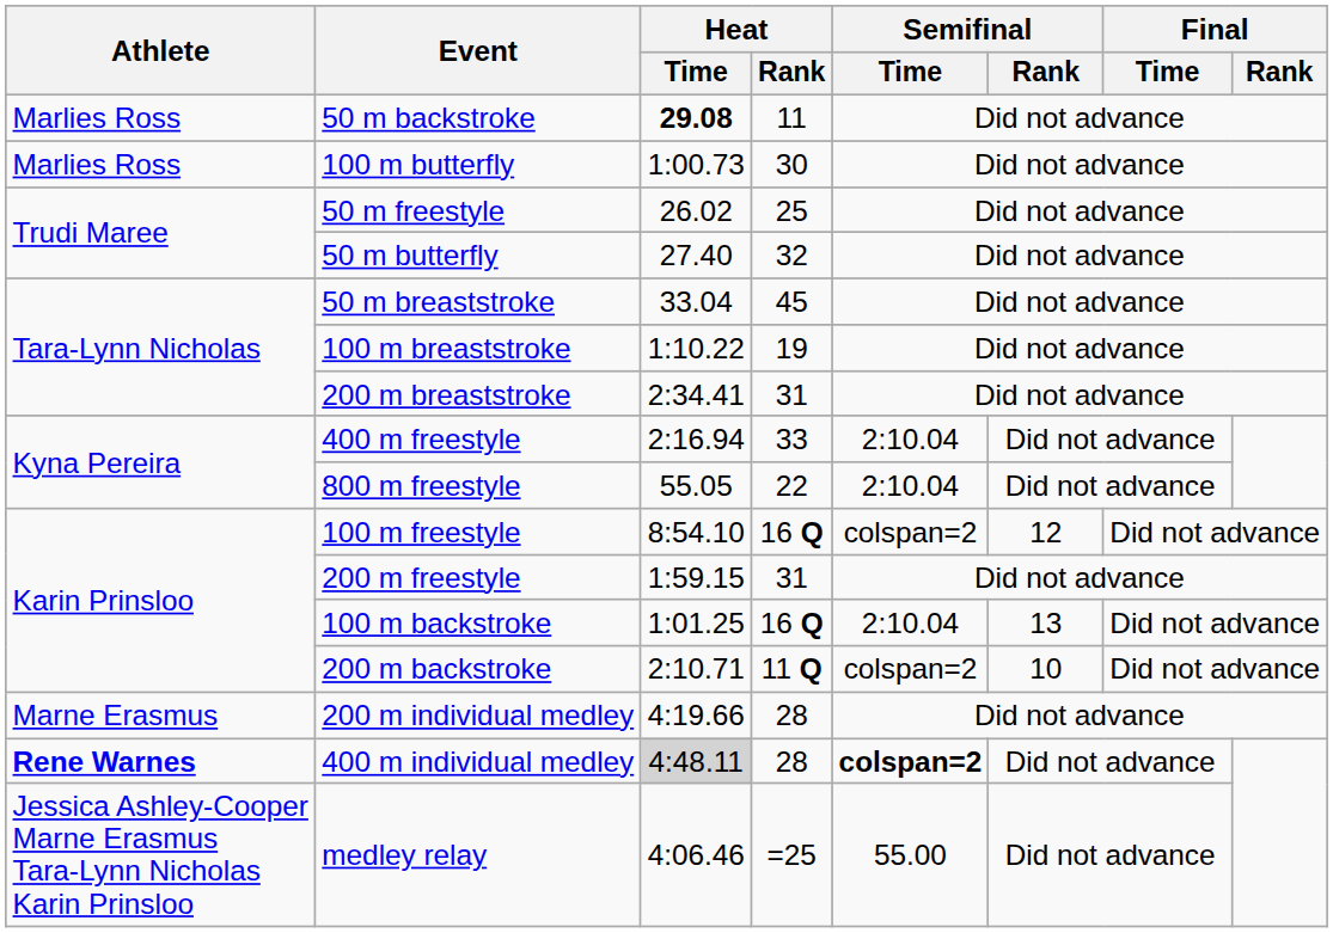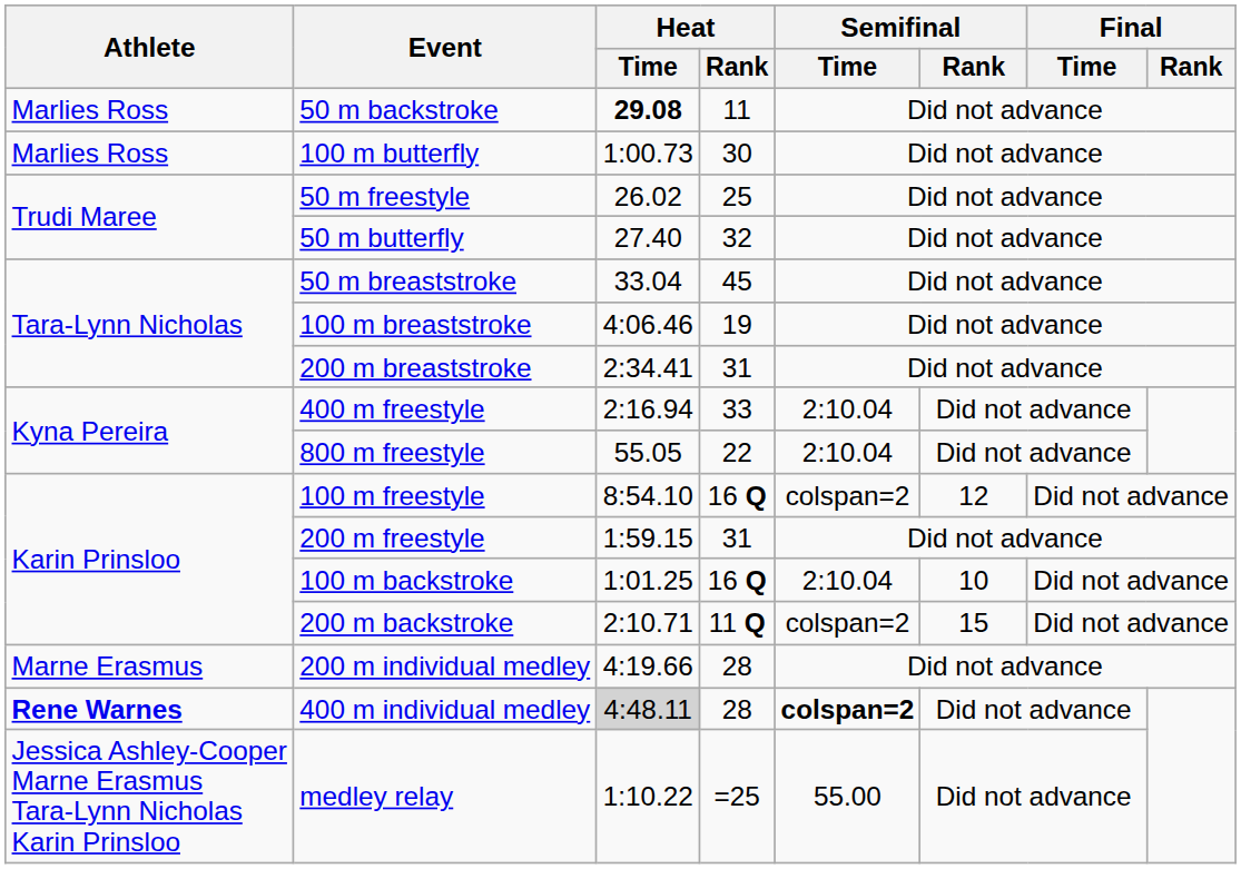 <table class=wikitable style="font-size:90%">
 <tr>
 <th rowspan="2">Athlete</th>
 <th rowspan="2">Event</th>
 <th colspan="2">Heat</th>
 <th colspan="2">Semifinal</th>
 <th colspan="2">Final</th>
 </tr>
 <tr style="font-size:95%">
 <th>Time</th>
 <th>Rank</th>
 <th>Time</th>
 <th>Rank</th>
 <th>Time</th>
 <th>Rank</th>
 </tr>
 <tr align=center>
 <td align=left><a href='#'>Marlies Ross</a></td>
 <td align=left><a href='#'>50 m backstroke</a></td>
 <td><strong>29.08</strong></td>
 <td>11</td>
 <td colspan=4>Did not advance</td>
 </tr>
 <tr align=center>
 <td align=left><a href='#'>Marlies Ross</a></td>
 <td align=left><a href='#'>100 m butterfly</a></td>
 <td>1:00.73</td>
 <td>30</td>
 <td colspan=4>Did not advance</td>
 </tr>
 <tr align=center>
 <td align=left rowspan=2><a href='#'>Trudi Maree</a></td>
 <td align=left><a href='#'>50 m freestyle</a></td>
 <td>26.02</td>
 <td>25</td>
 <td colspan=4>Did not advance</td>
 </tr>
 <tr align=center>
 <td align=left><a href='#'>50 m butterfly</a></td>
 <td>27.40</td>
 <td>32</td>
 <td colspan=4>Did not advance</td>
 </tr>
 <tr align=center>
 <td align=left rowspan=3><a href='#'>Tara-Lynn Nicholas</a></td>
 <td align=left><a href='#'>50 m breaststroke</a></td>
 <td>33.04</td>
 <td>45</td>
 <td colspan=4>Did not advance</td>
 </tr>
 <tr align=center>
 <td align=left><a href='#'>100 m breaststroke</a></td>
-<td>1:10.22</td>
+<td>4:06.46</td>
 <td>19</td>
 <td colspan=4>Did not advance</td>
 </tr>
 <tr align=center>
 <td align=left><a href='#'>200 m breaststroke</a></td>
 <td>2:34.41</td>
 <td>31</td>
 <td colspan=4>Did not advance</td>
 </tr>
 <tr align=center>
 <td align=left rowspan=2><a href='#'>Kyna Pereira</a></td>
 <td align=left><a href='#'>400 m freestyle</a></td>
 <td>2:16.94</td>
 <td>33</td>
 <td>2:10.04</td>
 <td colspan=2>Did not advance</td>
 </tr>
 <tr align=center>
 <td align=left><a href='#'>800 m freestyle</a></td>
 <td>55.05</td>
 <td>22</td>
 <td>2:10.04</td>
 <td colspan=2>Did not advance</td>
 </tr>
 <tr align=center>
 <td align=left rowspan=4><a href='#'>Karin Prinsloo</a></td>
 <td align=left><a href='#'>100 m freestyle</a></td>
 <td>8:54.10</td>
 <td>16 <strong>Q</strong></td>
 <td>colspan=2 </td>
 <td>12</td>
 <td colspan=2>Did not advance</td>
 </tr>
 <tr align=center>
 <td align=left><a href='#'>200 m freestyle</a></td>
 <td>1:59.15</td>
 <td>31</td>
 <td colspan=4>Did not advance</td>
 </tr>
 <tr align=center>
 <td align=left><a href='#'>100 m backstroke</a></td>
 <td>1:01.25</td>
 <td>16 <strong>Q</strong></td>
 <td>2:10.04</td>
-<td>13</td>
+<td>10</td>
 <td colspan=2>Did not advance</td>
 </tr>
 <tr align=center>
 <td align=left><a href='#'>200 m backstroke</a></td>
 <td>2:10.71</td>
 <td>11 <strong>Q</strong></td>
 <td>colspan=2 </td>
-<td>10</td>
+<td>15</td>
 <td colspan=2>Did not advance</td>
 </tr>
 <tr align=center>
 <td align=left><a href='#'>Marne Erasmus</a></td>
 <td align=left><a href='#'>200 m individual medley</a></td>
 <td>4:19.66</td>
 <td>28</td>
 <td colspan=4>Did not advance</td>
 </tr>
 <tr align=center>
 <td align=left><strong><a href='#'>Rene Warnes</a></strong></td>
 <td align=left><a href='#'>400 m individual medley</a></td>
 <td style="background: lightgrey;">4:48.11</td>
 <td>28</td>
 <td><strong>colspan=2 </strong></td>
 <td colspan=2>Did not advance</td>
 </tr>
 <tr align=center>
 <td align=left><a href='#'>Jessica Ashley-Cooper</a><br><a href='#'>Marne Erasmus</a><br><a href='#'>Tara-Lynn Nicholas</a><br><a href='#'>Karin Prinsloo</a></td>
 <td align=left><a href='#'> medley relay</a></td>
-<td>4:06.46</td>
+<td>1:10.22</td>
 <td>=25</td>
 <td>55.00</td>
 <td colspan=2>Did not advance</td>
 </tr>
 </table>
